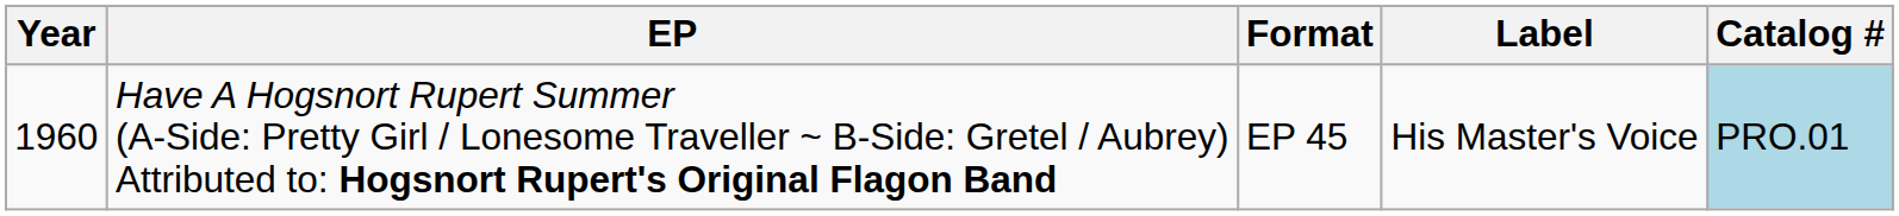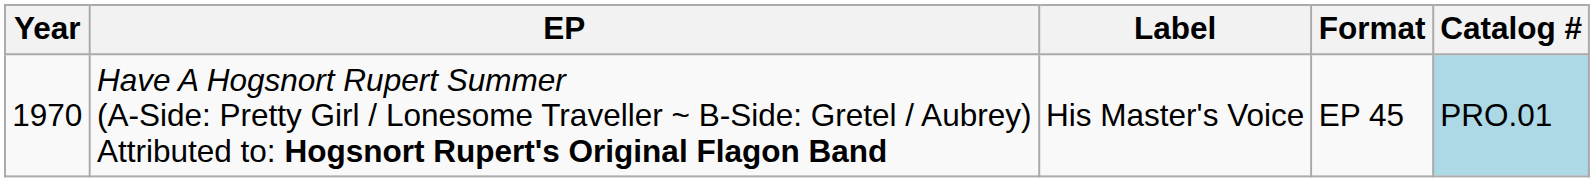 <table class="wikitable">
 <tr>
 <th>Year</th>
 <th>EP</th>
+<th>Label</th>
 <th>Format</th>
-<th>Label</th>
 <th>Catalog #</th>
 </tr>
 <tr>
-<td>1960</td>
+<td>1970</td>
 <td><em>Have A Hogsnort Rupert Summer</em> <br> (A-Side: Pretty Girl / Lonesome Traveller ~ B-Side: Gretel / Aubrey) <br> Attributed to: <strong>Hogsnort Rupert's Original Flagon Band</strong></td>
+<td>His Master's Voice</td>
 <td>EP 45</td>
-<td>His Master's Voice</td>
 <td style="background: lightblue;">PRO.01</td>
 </tr>
 </table>
